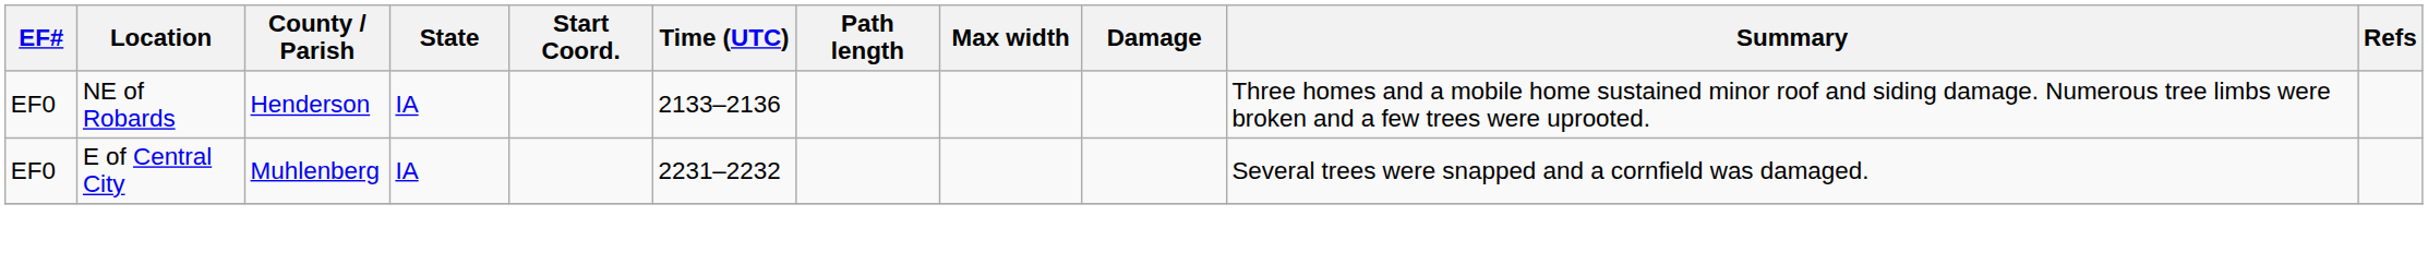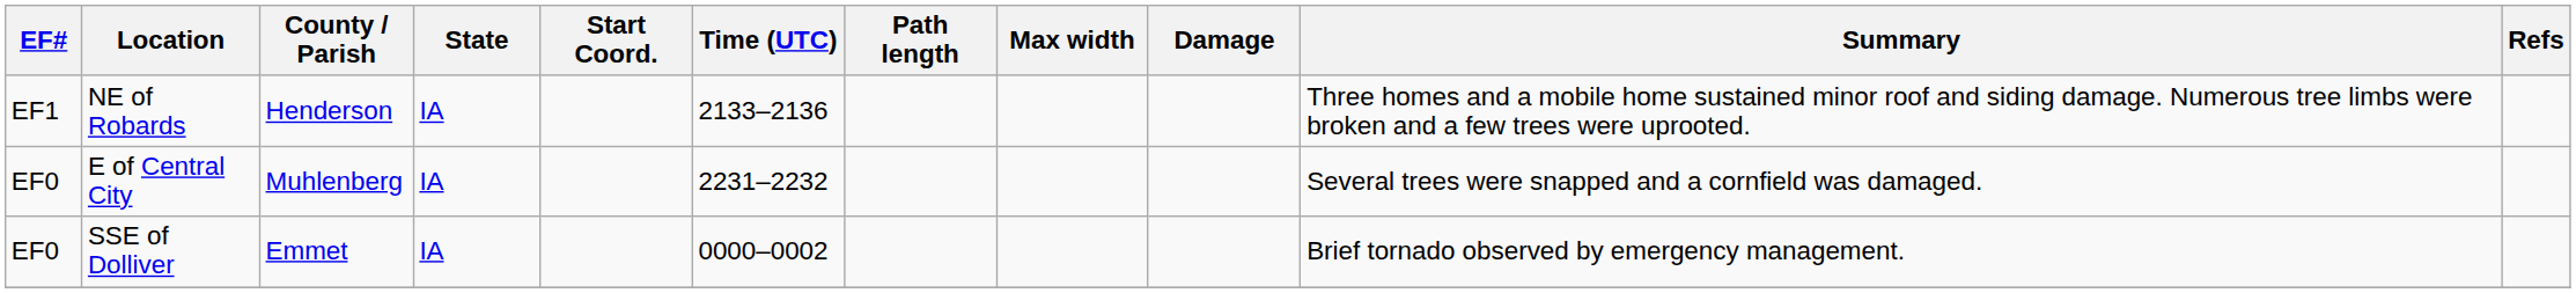 <table class="wikitable sortable" style="width:100%;">
 <tr>
 <th scope="col" width="3%" align="center"><a href='#'>EF#</a></th>
 <th scope="col" width="7%" align="center" class="unsortable">Location</th>
 <th scope="col" width="6%" align="center" class="unsortable">County / Parish</th>
 <th scope="col" width="5%" align="center">State</th>
 <th scope="col" width="6%" align="center">Start Coord.</th>
 <th scope="col" width="6%" align="center">Time (<a href='#'>UTC</a>)</th>
 <th scope="col" width="6%" align="center">Path length</th>
 <th scope="col" width="6%" align="center">Max width</th>
 <th scope="col" width="6%" align="center">Damage</th>
 <th scope="col" width="48%" class="unsortable" align="center">Summary</th>
 <th scope="col" width="48%" class="unsortable" align="center">Refs</th>
 </tr>
 <tr>
-<td>EF0</td>
+<td>EF1</td>
 <td>NE of <a href='#'>Robards</a></td>
 <td><a href='#'>Henderson</a></td>
 <td><a href='#'>IA</a></td>
 <td></td>
 <td>2133–2136</td>
 <td></td>
 <td></td>
 <td></td>
 <td>Three homes and a mobile home sustained minor roof and siding damage. Numerous tree limbs were broken and a few trees were uprooted.</td>
 <td></td>
 </tr>
 <tr>
 <td>EF0</td>
 <td>E of <a href='#'>Central City</a></td>
 <td><a href='#'>Muhlenberg</a></td>
 <td><a href='#'>IA</a></td>
 <td></td>
 <td>2231–2232</td>
 <td></td>
 <td></td>
 <td></td>
 <td>Several trees were snapped and a cornfield was damaged.</td>
 <td></td>
 </tr>
 <tr>
+<td>EF0</td>
+<td>SSE of <a href='#'>Dolliver</a></td>
+<td><a href='#'>Emmet</a></td>
+<td><a href='#'>IA</a></td>
+<td></td>
+<td>0000–0002</td>
+<td></td>
+<td></td>
+<td></td>
+<td>Brief tornado observed by emergency management.</td>
+<td></td>
+</tr>
+<tr>
 </tr>
 </table>
